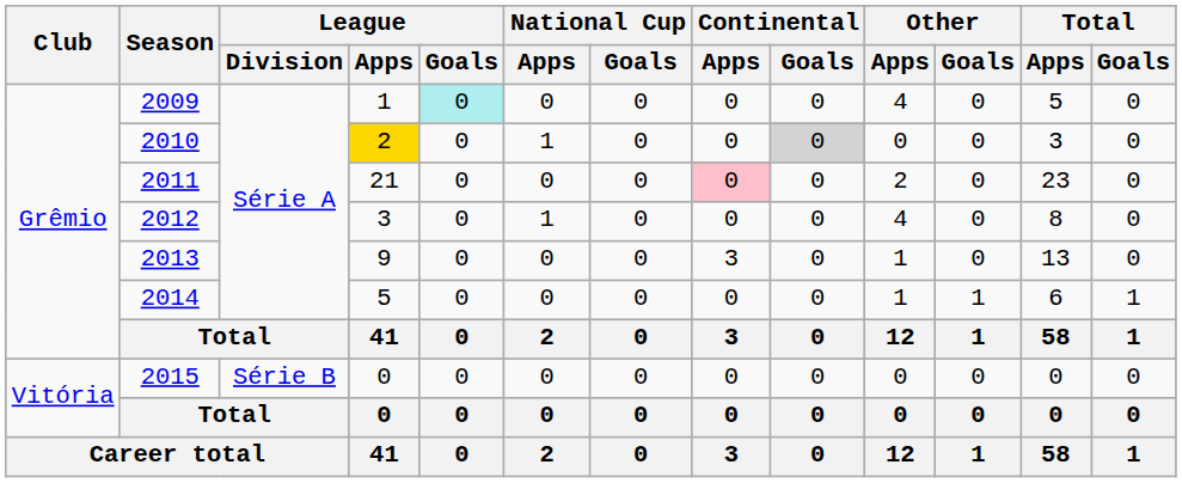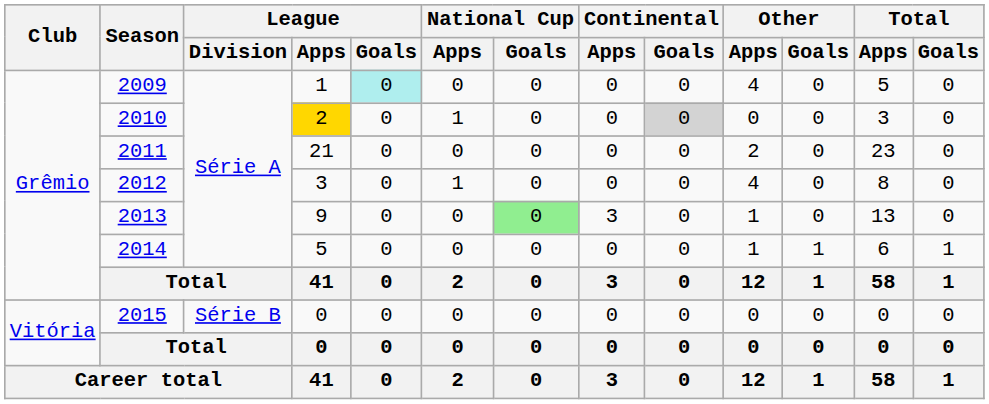 <table class="wikitable" style="font-size:96%; text-align: center;">
 <tr>
 <th rowspan="2">Club</th>
 <th rowspan="2">Season</th>
 <th colspan="3">League</th>
 <th colspan="2">National Cup</th>
 <th colspan="2">Continental</th>
 <th colspan="2">Other</th>
 <th colspan="2">Total</th>
 </tr>
 <tr>
 <th>Division</th>
 <th>Apps</th>
 <th>Goals</th>
 <th>Apps</th>
 <th>Goals</th>
 <th>Apps</th>
 <th>Goals</th>
 <th>Apps</th>
 <th>Goals</th>
 <th>Apps</th>
 <th>Goals</th>
 </tr>
 <tr>
 <td rowspan="7" valign="center"><a href='#'>Grêmio</a></td>
 <td><a href='#'>2009</a></td>
 <td rowspan="6"><a href='#'>Série A</a></td>
 <td>1</td>
 <td style="background: paleturquoise;">0</td>
 <td>0</td>
 <td>0</td>
 <td>0</td>
 <td>0</td>
 <td>4</td>
 <td>0</td>
 <td>5</td>
 <td>0</td>
 </tr>
 <tr>
 <td><a href='#'>2010</a></td>
 <td style="background: gold;">2</td>
 <td>0</td>
 <td>1</td>
 <td>0</td>
 <td>0</td>
 <td style="background: lightgrey;">0</td>
 <td>0</td>
 <td>0</td>
 <td>3</td>
 <td>0</td>
 </tr>
 <tr>
 <td><a href='#'>2011</a></td>
 <td>21</td>
 <td>0</td>
 <td>0</td>
 <td>0</td>
-<td style="background: pink;">0</td>
+<td>0</td>
 <td>0</td>
 <td>2</td>
 <td>0</td>
 <td>23</td>
 <td>0</td>
 </tr>
 <tr>
 <td><a href='#'>2012</a></td>
 <td>3</td>
 <td>0</td>
 <td>1</td>
 <td>0</td>
 <td>0</td>
 <td>0</td>
 <td>4</td>
 <td>0</td>
 <td>8</td>
 <td>0</td>
 </tr>
 <tr>
 <td><a href='#'>2013</a></td>
 <td>9</td>
 <td>0</td>
 <td>0</td>
-<td>0</td>
+<td style="background: lightgreen;">0</td>
 <td>3</td>
 <td>0</td>
 <td>1</td>
 <td>0</td>
 <td>13</td>
 <td>0</td>
 </tr>
 <tr>
 <td><a href='#'>2014</a></td>
 <td>5</td>
 <td>0</td>
 <td>0</td>
 <td>0</td>
 <td>0</td>
 <td>0</td>
 <td>1</td>
 <td>1</td>
 <td>6</td>
 <td>1</td>
 </tr>
 <tr>
 <th colspan="2">Total</th>
 <th>41</th>
 <th>0</th>
 <th>2</th>
 <th>0</th>
 <th>3</th>
 <th>0</th>
 <th>12</th>
 <th>1</th>
 <th>58</th>
 <th>1</th>
 </tr>
 <tr>
 <td rowspan="2" valign="center"><a href='#'>Vitória</a></td>
 <td><a href='#'>2015</a></td>
 <td rowspan="1"><a href='#'>Série B</a></td>
 <td>0</td>
 <td>0</td>
 <td>0</td>
 <td>0</td>
 <td>0</td>
 <td>0</td>
 <td>0</td>
 <td>0</td>
 <td>0</td>
 <td>0</td>
 </tr>
 <tr>
 <th colspan="2">Total</th>
 <th>0</th>
 <th>0</th>
 <th>0</th>
 <th>0</th>
 <th>0</th>
 <th>0</th>
 <th>0</th>
 <th>0</th>
 <th>0</th>
 <th>0</th>
 </tr>
 <tr>
 <th colspan="3">Career total</th>
 <th>41</th>
 <th>0</th>
 <th>2</th>
 <th>0</th>
 <th>3</th>
 <th>0</th>
 <th>12</th>
 <th>1</th>
 <th>58</th>
 <th>1</th>
 </tr>
 </table>
